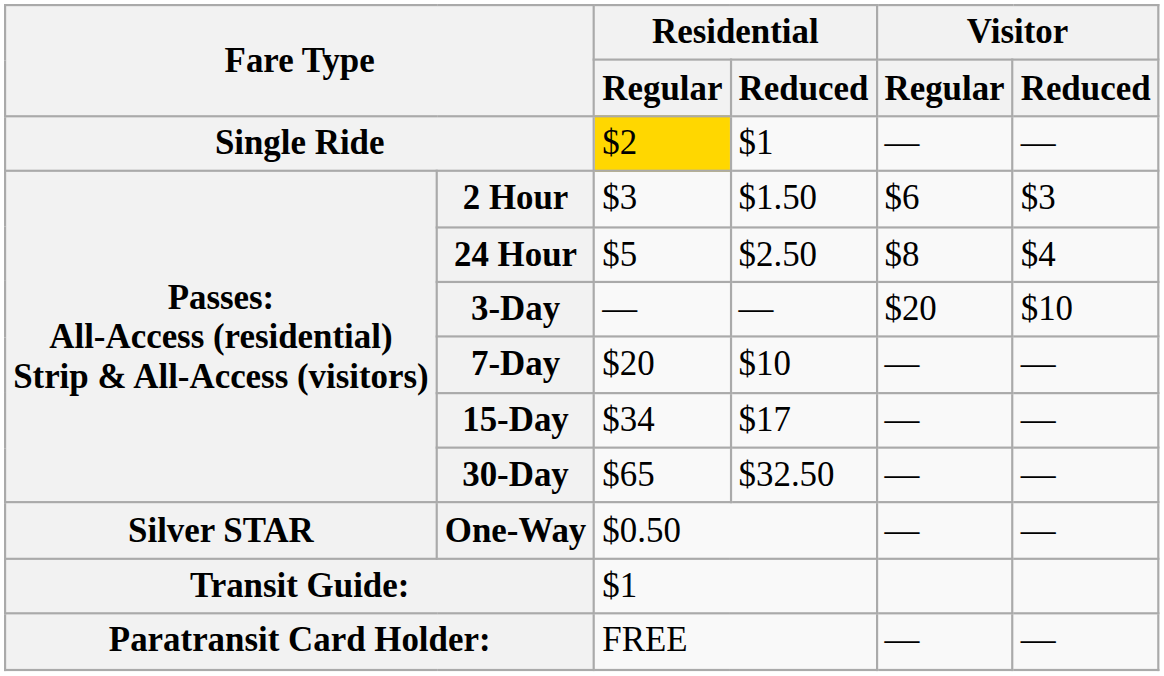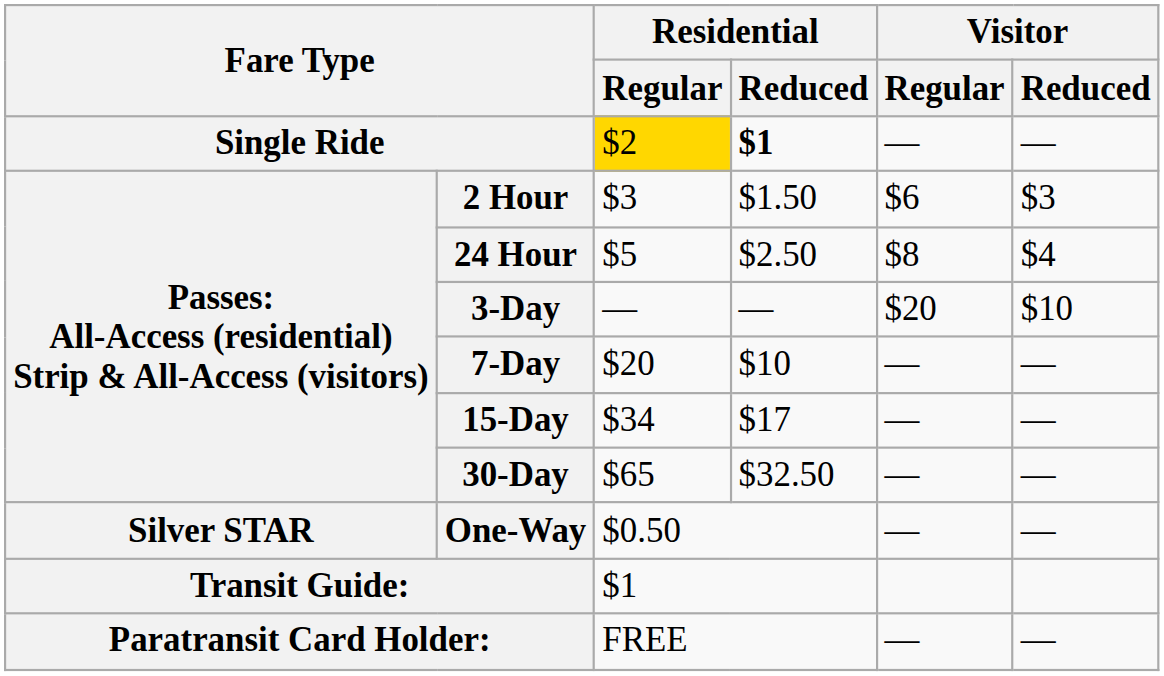 <table class="wikitable">
 <tr>
 <th colspan=2 rowspan=2>Fare Type</th>
 <th colspan=2>Residential</th>
 <th colspan=2>Visitor</th>
 </tr>
 <tr>
 <th>Regular</th>
 <th>Reduced</th>
 <th>Regular</th>
 <th>Reduced</th>
 </tr>
 <tr>
 <th colspan=2>Single Ride</th>
 <td style="background: gold;">$2</td>
-<td>$1</td>
+<td><strong>$1</strong></td>
 <td>—</td>
 <td>—</td>
 </tr>
 <tr>
 <th rowspan=6>Passes:<br>All-Access (residential)<br>Strip & All-Access (visitors)</th>
 <th>2 Hour</th>
 <td>$3</td>
 <td>$1.50</td>
 <td>$6</td>
 <td>$3</td>
 </tr>
 <tr>
 <th>24 Hour</th>
 <td>$5</td>
 <td>$2.50</td>
 <td>$8</td>
 <td>$4</td>
 </tr>
 <tr>
 <th>3-Day</th>
 <td>—</td>
 <td>—</td>
 <td>$20</td>
 <td>$10</td>
 </tr>
 <tr>
 <th>7-Day</th>
 <td>$20</td>
 <td>$10</td>
 <td>—</td>
 <td>—</td>
 </tr>
 <tr>
 <th>15-Day</th>
 <td>$34</td>
 <td>$17</td>
 <td>—</td>
 <td>—</td>
 </tr>
 <tr>
 <th>30-Day</th>
 <td>$65</td>
 <td>$32.50</td>
 <td>—</td>
 <td>—</td>
 </tr>
 <tr>
 <th>Silver STAR</th>
 <th>One-Way</th>
 <td colspan=2>$0.50</td>
 <td>—</td>
 <td>—</td>
 </tr>
 <tr>
 <th colspan=2>Transit Guide:</th>
 <td colspan=2>$1</td>
 <td></td>
 <td></td>
 </tr>
 <tr>
 <th colspan=2>Paratransit Card Holder:</th>
 <td colspan=2>FREE</td>
 <td>—</td>
 <td>—</td>
 </tr>
 </table>
